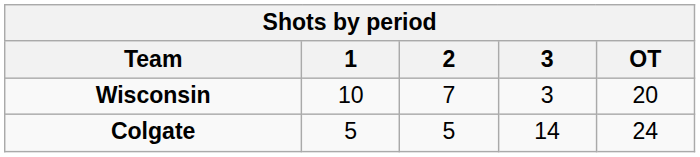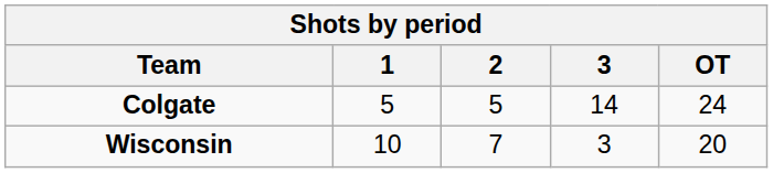 <table class="wikitable" style="width:30em; text-align:right;">
 <tr>
 <th colspan=5>Shots by period</th>
 </tr>
 <tr>
 <th style="width:10em;">Team</th>
 <th style="width:3em;">1</th>
 <th style="width:3em;">2</th>
 <th style="width:3em;">3</th>
 <th style="width:3em;">OT</th>
 </tr>
 <tr>
+<td align=center><strong>Colgate</strong></td>
+<td align=center>5</td>
+<td align=center>5</td>
+<td align=center>14</td>
+<td align=center>24</td>
+</tr>
+<tr>
 <td align=center><strong>Wisconsin</strong></td>
 <td align=center>10</td>
 <td align=center>7</td>
 <td align=center>3</td>
 <td align=center>20</td>
 </tr>
-<tr>
-<td align=center><strong>Colgate</strong></td>
-<td align=center>5</td>
-<td align=center>5</td>
-<td align=center>14</td>
-<td align=center>24</td>
-</tr>
 </table>
